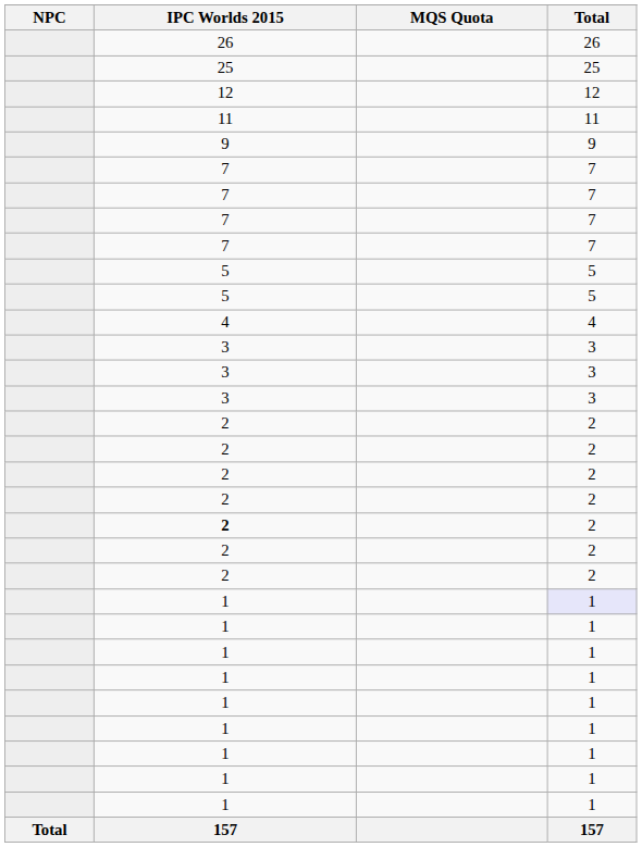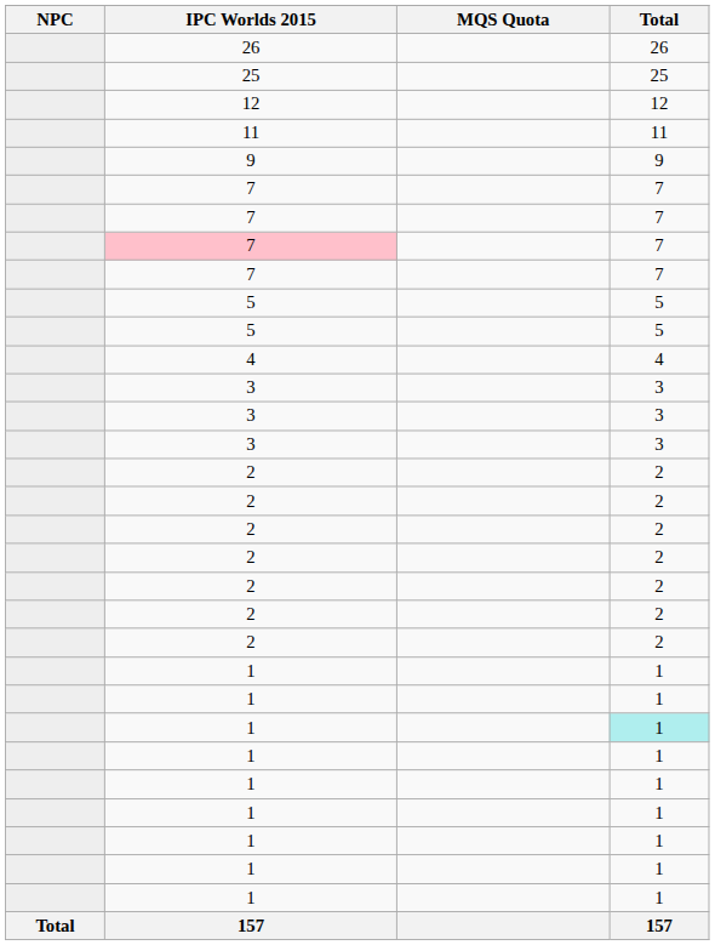 <table class="wikitable" style="width:50%; font-size:100%;" align="center">
 <tr>
 </tr>
 <tr>
 <th>NPC</th>
 <th>IPC Worlds 2015</th>
 <th>MQS Quota</th>
 <th>Total</th>
 </tr>
 <tr>
 <td bgcolor="#eeeeee" align="left"></td>
 <td align="center">26</td>
 <td align="center"></td>
 <td align="center">26</td>
 </tr>
 <tr>
 <td bgcolor="#eeeeee" align="left"></td>
 <td align="center">25</td>
 <td align="center"></td>
 <td align="center">25</td>
 </tr>
 <tr>
 <td bgcolor="#eeeeee" align="left"></td>
 <td align="center">12</td>
 <td align="center"></td>
 <td align="center">12</td>
 </tr>
 <tr>
 <td bgcolor="#eeeeee" align="left"></td>
 <td align="center">11</td>
 <td align="center"></td>
 <td align="center">11</td>
 </tr>
 <tr>
 <td bgcolor="#eeeeee" align="left"></td>
 <td align="center">9</td>
 <td align="center"></td>
 <td align="center">9</td>
 </tr>
 <tr>
 <td bgcolor="#eeeeee" align="left"></td>
 <td align="center">7</td>
 <td align="center"></td>
 <td align="center">7</td>
 </tr>
 <tr>
 <td bgcolor="#eeeeee" align="left"></td>
 <td align="center">7</td>
 <td align="center"></td>
 <td align="center">7</td>
 </tr>
 <tr>
 <td bgcolor="#eeeeee" align="left"></td>
-<td align="center">7</td>
+<td align="center" style="background: pink;">7</td>
 <td align="center"></td>
 <td align="center">7</td>
 </tr>
 <tr>
 <td bgcolor="#eeeeee" align="left"></td>
 <td align="center">7</td>
 <td align="center"></td>
 <td align="center">7</td>
 </tr>
 <tr>
 <td bgcolor="#eeeeee" align="left"></td>
 <td align="center">5</td>
 <td align="center"></td>
 <td align="center">5</td>
 </tr>
 <tr>
 <td bgcolor="#eeeeee" align="left"></td>
 <td align="center">5</td>
 <td align="center"></td>
 <td align="center">5</td>
 </tr>
 <tr>
 <td bgcolor="#eeeeee" align="left"></td>
 <td align="center">4</td>
 <td align="center"></td>
 <td align="center">4</td>
 </tr>
 <tr>
 <td bgcolor="#eeeeee" align="left"></td>
 <td align="center">3</td>
 <td align="center"></td>
 <td align="center">3</td>
 </tr>
 <tr>
 <td bgcolor="#eeeeee" align="left"></td>
 <td align="center">3</td>
 <td align="center"></td>
 <td align="center">3</td>
 </tr>
 <tr>
 <td bgcolor="#eeeeee" align="left"></td>
 <td align="center">3</td>
 <td align="center"></td>
 <td align="center">3</td>
 </tr>
 <tr>
 <td bgcolor="#eeeeee" align="left"></td>
 <td align="center">2</td>
 <td align="center"></td>
 <td align="center">2</td>
 </tr>
 <tr>
 <td bgcolor="#eeeeee" align="left"></td>
 <td align="center">2</td>
 <td align="center"></td>
 <td align="center">2</td>
 </tr>
 <tr>
 <td bgcolor="#eeeeee" align="left"></td>
 <td align="center">2</td>
 <td align="center"></td>
 <td align="center">2</td>
 </tr>
 <tr>
 <td bgcolor="#eeeeee" align="left"></td>
 <td align="center">2</td>
 <td align="center"></td>
 <td align="center">2</td>
 </tr>
 <tr>
 <td bgcolor="#eeeeee" align="left"></td>
-<td align="center"><strong>2</strong></td>
+<td align="center">2</td>
 <td align="center"></td>
 <td align="center">2</td>
 </tr>
 <tr>
 <td bgcolor="#eeeeee" align="left"></td>
 <td align="center">2</td>
 <td align="center"></td>
 <td align="center">2</td>
 </tr>
 <tr>
 <td bgcolor="#eeeeee" align="left"></td>
 <td align="center">2</td>
 <td align="center"></td>
 <td align="center">2</td>
 </tr>
 <tr>
 <td bgcolor="#eeeeee" align="left"></td>
 <td align="center">1</td>
 <td align="center"></td>
-<td align="center" style="background: lavender;">1</td>
+<td align="center">1</td>
 </tr>
 <tr>
 <td bgcolor="#eeeeee" align="left"></td>
 <td align="center">1</td>
 <td align="center"></td>
 <td align="center">1</td>
 </tr>
 <tr>
 <td bgcolor="#eeeeee" align="left"></td>
 <td align="center">1</td>
 <td align="center"></td>
-<td align="center">1</td>
+<td align="center" style="background: paleturquoise;">1</td>
 </tr>
 <tr>
 <td bgcolor="#eeeeee" align="left"></td>
 <td align="center">1</td>
 <td align="center"></td>
 <td align="center">1</td>
 </tr>
 <tr>
 <td bgcolor="#eeeeee" align="left"></td>
 <td align="center">1</td>
 <td align="center"></td>
 <td align="center">1</td>
 </tr>
 <tr>
 <td bgcolor="#eeeeee" align="left"></td>
 <td align="center">1</td>
 <td align="center"></td>
 <td align="center">1</td>
 </tr>
 <tr>
 <td bgcolor="#eeeeee" align="left"></td>
 <td align="center">1</td>
 <td align="center"></td>
 <td align="center">1</td>
 </tr>
 <tr>
 <td bgcolor="#eeeeee" align="left"></td>
 <td align="center">1</td>
 <td align="center"></td>
 <td align="center">1</td>
 </tr>
 <tr>
 <td bgcolor="#eeeeee" align="left"></td>
 <td align="center">1</td>
 <td align="center"></td>
 <td align="center">1</td>
 </tr>
 <tr>
 <th>Total</th>
 <th>157</th>
 <th></th>
 <th>157</th>
 </tr>
 </table>
